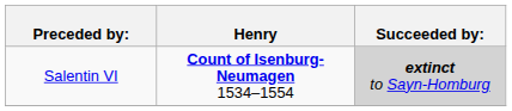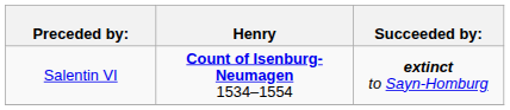 <table class="wikitable" style="margin:1em auto;">
 <tr align="center">
 <th width=150px><br>Preceded by:</th>
 <th width=200px><br>Henry</th>
 <th width=150px><br>Succeeded by:</th>
 </tr>
 <tr align="center">
 <td><a href='#'>Salentin VI</a></td>
 <td><strong><a href='#'>Count of Isenburg-Neumagen</a></strong><br>1534–1554</td>
-<td style="background: lightgrey;"><strong><em>extinct</em></strong><br><em>to <a href='#'>Sayn-Homburg</a></em></td>
+<td><strong><em>extinct</em></strong><br><em>to <a href='#'>Sayn-Homburg</a></em></td>
 </tr>
 <tr>
 </tr>
 </table>
